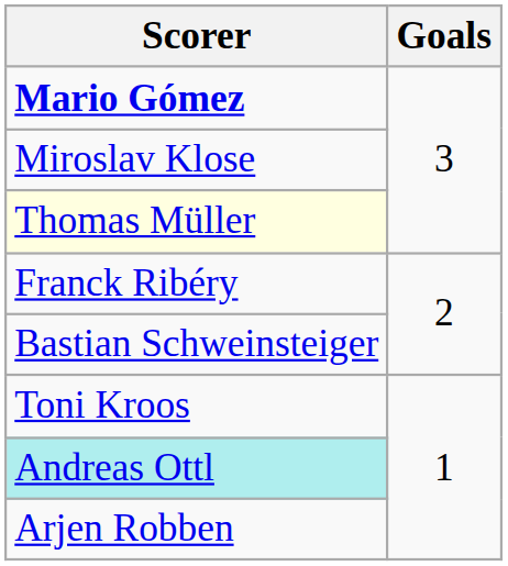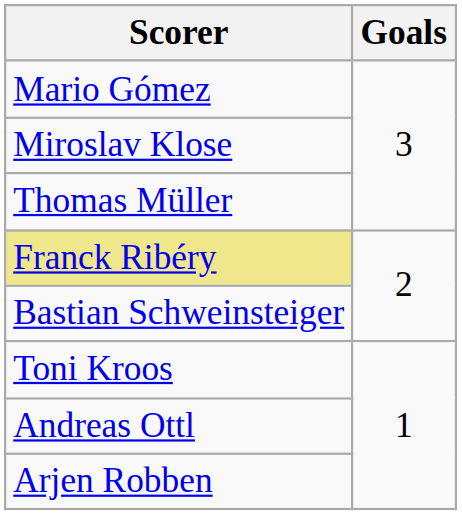 <table class="wikitable">
 <tr>
 <th>Scorer</th>
 <th>Goals</th>
 </tr>
 <tr>
-<td><strong> <a href='#'>Mario Gómez</a></strong></td>
+<td> <a href='#'>Mario Gómez</a></td>
 <td rowspan="3" style="text-align:center;">3</td>
 </tr>
 <tr>
 <td> <a href='#'>Miroslav Klose</a></td>
 </tr>
 <tr>
-<td style="background: lightyellow;"> <a href='#'>Thomas Müller</a></td>
+<td> <a href='#'>Thomas Müller</a></td>
 </tr>
 <tr>
-<td> <a href='#'>Franck Ribéry</a></td>
+<td style="background: khaki;"> <a href='#'>Franck Ribéry</a></td>
 <td rowspan="2" style="text-align:center;">2</td>
 </tr>
 <tr>
 <td> <a href='#'>Bastian Schweinsteiger</a></td>
 </tr>
 <tr>
 <td> <a href='#'>Toni Kroos</a></td>
 <td rowspan="3" style="text-align:center;">1</td>
 </tr>
 <tr>
-<td style="background: paleturquoise;"> <a href='#'>Andreas Ottl</a></td>
+<td> <a href='#'>Andreas Ottl</a></td>
 </tr>
 <tr>
 <td> <a href='#'>Arjen Robben</a></td>
 </tr>
 </table>
